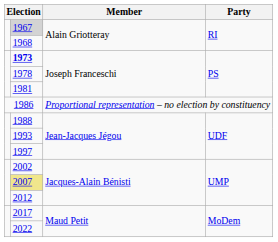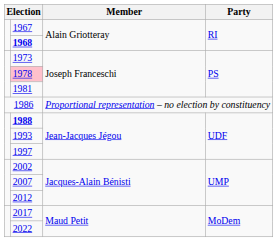 <table class="wikitable">
 <tr>
 <th colspan="2">Election</th>
 <th>Member</th>
 <th>Party</th>
 </tr>
 <tr>
 <td rowspan="2" style="background-color: "></td>
-<td style="background: lightgrey;"><a href='#'>1967</a></td>
+<td><a href='#'>1967</a></td>
 <td rowspan="2">Alain Griotteray</td>
 <td rowspan="2"><a href='#'>RI</a></td>
 </tr>
 <tr>
-<td><a href='#'>1968</a></td>
+<td><strong><a href='#'>1968</a></strong></td>
 </tr>
 <tr>
 <td rowspan="3" style="background-color: "></td>
-<td><strong><a href='#'>1973</a></strong></td>
+<td><a href='#'>1973</a></td>
 <td rowspan="3">Joseph Franceschi</td>
 <td rowspan="3"><a href='#'>PS</a></td>
 </tr>
 <tr>
-<td><a href='#'>1978</a></td>
+<td style="background: pink;"><a href='#'>1978</a></td>
 </tr>
 <tr>
 <td><a href='#'>1981</a></td>
 </tr>
 <tr>
 <td colspan="2" align="center"><a href='#'>1986</a></td>
 <td colspan="2"><em><a href='#'>Proportional representation</a> – no election by constituency</em></td>
 </tr>
 <tr>
 <td rowspan="3" style="background-color: "></td>
-<td><a href='#'>1988</a></td>
+<td><strong><a href='#'>1988</a></strong></td>
 <td rowspan="3"><a href='#'>Jean-Jacques Jégou</a></td>
 <td rowspan="3"><a href='#'>UDF</a></td>
 </tr>
 <tr>
 <td><a href='#'>1993</a></td>
 </tr>
 <tr>
 <td><a href='#'>1997</a></td>
 </tr>
 <tr>
 <td rowspan="3" style="background-color: "></td>
 <td><a href='#'>2002</a></td>
 <td rowspan="3"><a href='#'>Jacques-Alain Bénisti</a></td>
 <td rowspan="3"><a href='#'>UMP</a></td>
 </tr>
 <tr>
-<td style="background: khaki;"><a href='#'>2007</a></td>
+<td><a href='#'>2007</a></td>
 </tr>
 <tr>
 <td><a href='#'>2012</a></td>
 </tr>
 <tr>
 <td rowspan="2" style="background-color: "></td>
 <td><a href='#'>2017</a></td>
 <td rowspan="2"><a href='#'>Maud Petit</a></td>
 <td rowspan="2"><a href='#'>MoDem</a></td>
 </tr>
 <tr>
 <td><a href='#'>2022</a></td>
 </tr>
 </table>
